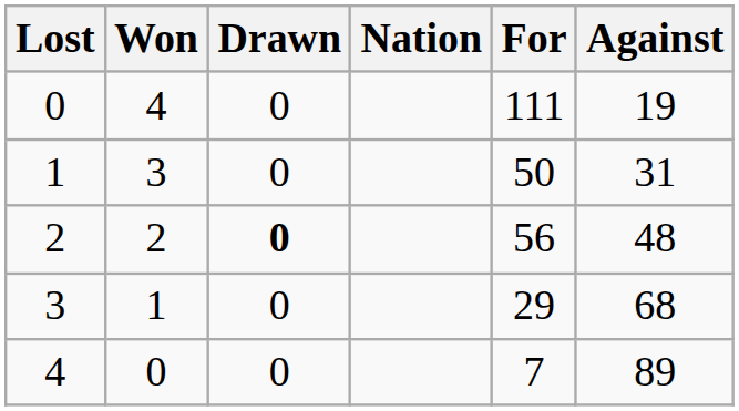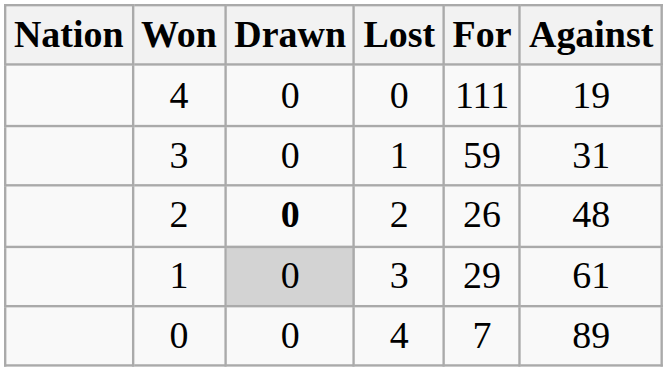 <table class="wikitable" style="text-align: center;">
 <tr>
-<th>Lost</th>
+<th>Nation</th>
 <th>Won</th>
 <th>Drawn</th>
-<th>Nation</th>
+<th>Lost</th>
 <th>For</th>
 <th>Against</th>
 </tr>
 <tr>
-<td>0</td>
+<td align="left"></td>
 <td>4</td>
 <td>0</td>
-<td align="left"></td>
+<td>0</td>
 <td>111</td>
 <td>19</td>
 </tr>
 <tr>
-<td>1</td>
+<td align="left"></td>
 <td>3</td>
 <td>0</td>
-<td align="left"></td>
-<td>50</td>
+<td>1</td>
+<td>59</td>
 <td>31</td>
 </tr>
 <tr>
-<td>2</td>
+<td align="left"></td>
 <td>2</td>
 <td><strong>0</strong></td>
-<td align="left"></td>
-<td>56</td>
+<td>2</td>
+<td>26</td>
 <td>48</td>
 </tr>
 <tr>
+<td align="left"></td>
+<td>1</td>
+<td style="background: lightgrey;">0</td>
 <td>3</td>
-<td>1</td>
-<td>0</td>
-<td align="left"></td>
 <td>29</td>
-<td>68</td>
+<td>61</td>
 </tr>
 <tr>
-<td>4</td>
+<td align="left"></td>
 <td>0</td>
 <td>0</td>
-<td align="left"></td>
+<td>4</td>
 <td>7</td>
 <td>89</td>
 </tr>
 </table>
